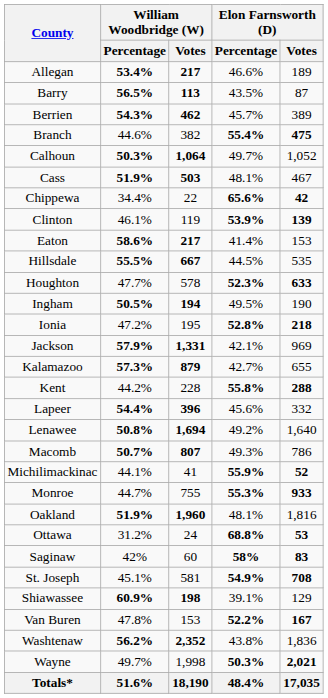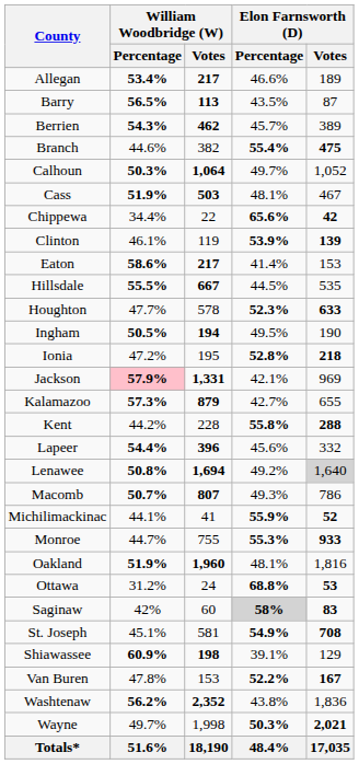 <table style="width:45%;" class="wikitable sortable">
 <tr style="background:lightgrey;">
 <th style="width:10%;" rowspan=2><a href='#'>County</a></th>
 <th style="width:20%;" colspan=2>William Woodbridge (W)</th>
 <th style="width:20%;" colspan=2>Elon Farnsworth (D)</th>
 </tr>
 <tr>
 <th style="width:10%;">Percentage</th>
 <th style="width:10%;">Votes</th>
 <th style="width:10%;">Percentage</th>
 <th style="width:10%;">Votes</th>
 </tr>
 <tr>
 <td align="center" >Allegan</td>
 <td style="text-align:center;"><strong>53.4%</strong></td>
 <td style="text-align:center;"><strong>217</strong></td>
 <td style="text-align:center;">46.6%</td>
 <td style="text-align:center;">189</td>
 </tr>
 <tr>
 <td align="center" >Barry</td>
 <td style="text-align:center;"><strong>56.5%</strong></td>
 <td style="text-align:center;"><strong>113</strong></td>
 <td style="text-align:center;">43.5%</td>
 <td style="text-align:center;">87</td>
 </tr>
 <tr>
 <td align="center" >Berrien</td>
 <td style="text-align:center;"><strong>54.3%</strong></td>
 <td style="text-align:center;"><strong>462</strong></td>
 <td style="text-align:center;">45.7%</td>
 <td style="text-align:center;">389</td>
 </tr>
 <tr>
 <td align="center" >Branch</td>
 <td style="text-align:center;">44.6%</td>
 <td style="text-align:center;">382</td>
 <td style="text-align:center;"><strong>55.4%</strong></td>
 <td style="text-align:center;"><strong>475</strong></td>
 </tr>
 <tr>
 <td align="center" >Calhoun</td>
 <td style="text-align:center;"><strong>50.3%</strong></td>
 <td style="text-align:center;"><strong>1,064</strong></td>
 <td style="text-align:center;">49.7%</td>
 <td style="text-align:center;">1,052</td>
 </tr>
 <tr>
 <td align="center" >Cass</td>
 <td style="text-align:center;"><strong>51.9%</strong></td>
 <td style="text-align:center;"><strong>503</strong></td>
 <td style="text-align:center;">48.1%</td>
 <td style="text-align:center;">467</td>
 </tr>
 <tr>
 <td align="center" >Chippewa</td>
 <td style="text-align:center;">34.4%</td>
 <td style="text-align:center;">22</td>
 <td style="text-align:center;"><strong>65.6%</strong></td>
 <td style="text-align:center;"><strong>42</strong></td>
 </tr>
 <tr>
 <td align="center" >Clinton</td>
 <td style="text-align:center;">46.1%</td>
 <td style="text-align:center;">119</td>
 <td style="text-align:center;"><strong>53.9%</strong></td>
 <td style="text-align:center;"><strong>139</strong></td>
 </tr>
 <tr>
 <td align="center" >Eaton</td>
 <td style="text-align:center;"><strong>58.6%</strong></td>
 <td style="text-align:center;"><strong>217</strong></td>
 <td style="text-align:center;">41.4%</td>
 <td style="text-align:center;">153</td>
 </tr>
 <tr>
 <td align="center" >Hillsdale</td>
 <td style="text-align:center;"><strong>55.5%</strong></td>
 <td style="text-align:center;"><strong>667</strong></td>
 <td style="text-align:center;">44.5%</td>
 <td style="text-align:center;">535</td>
 </tr>
 <tr>
 <td align="center" >Houghton</td>
 <td style="text-align:center;">47.7%</td>
 <td style="text-align:center;">578</td>
 <td style="text-align:center;"><strong>52.3%</strong></td>
 <td style="text-align:center;"><strong>633</strong></td>
 </tr>
 <tr>
 <td align="center" >Ingham</td>
 <td style="text-align:center;"><strong>50.5%</strong></td>
 <td style="text-align:center;"><strong>194</strong></td>
 <td style="text-align:center;">49.5%</td>
 <td style="text-align:center;">190</td>
 </tr>
 <tr>
 <td align="center" >Ionia</td>
 <td style="text-align:center;">47.2%</td>
 <td style="text-align:center;">195</td>
 <td style="text-align:center;"><strong>52.8%</strong></td>
 <td style="text-align:center;"><strong>218</strong></td>
 </tr>
 <tr>
 <td align="center" >Jackson</td>
-<td style="text-align:center;"><strong>57.9%</strong></td>
+<td style="background: pink; text-align:center;"><strong>57.9%</strong></td>
 <td style="text-align:center;"><strong>1,331</strong></td>
 <td style="text-align:center;">42.1%</td>
 <td style="text-align:center;">969</td>
 </tr>
 <tr>
 <td align="center" >Kalamazoo</td>
 <td style="text-align:center;"><strong>57.3%</strong></td>
 <td style="text-align:center;"><strong>879</strong></td>
 <td style="text-align:center;">42.7%</td>
 <td style="text-align:center;">655</td>
 </tr>
 <tr>
 <td align="center" >Kent</td>
 <td style="text-align:center;">44.2%</td>
 <td style="text-align:center;">228</td>
 <td style="text-align:center;"><strong>55.8%</strong></td>
 <td style="text-align:center;"><strong>288</strong></td>
 </tr>
 <tr>
 <td align="center" >Lapeer</td>
 <td style="text-align:center;"><strong>54.4%</strong></td>
 <td style="text-align:center;"><strong>396</strong></td>
 <td style="text-align:center;">45.6%</td>
 <td style="text-align:center;">332</td>
 </tr>
 <tr>
 <td align="center" >Lenawee</td>
 <td style="text-align:center;"><strong>50.8%</strong></td>
 <td style="text-align:center;"><strong>1,694</strong></td>
 <td style="text-align:center;">49.2%</td>
-<td style="text-align:center;">1,640</td>
+<td style="background: lightgrey; text-align:center;">1,640</td>
 </tr>
 <tr>
 <td align="center" >Macomb</td>
 <td style="text-align:center;"><strong>50.7%</strong></td>
 <td style="text-align:center;"><strong>807</strong></td>
 <td style="text-align:center;">49.3%</td>
 <td style="text-align:center;">786</td>
 </tr>
 <tr>
 <td align="center" >Michilimackinac</td>
 <td style="text-align:center;">44.1%</td>
 <td style="text-align:center;">41</td>
 <td style="text-align:center;"><strong>55.9%</strong></td>
 <td style="text-align:center;"><strong>52</strong></td>
 </tr>
 <tr>
 <td align="center" >Monroe</td>
 <td style="text-align:center;">44.7%</td>
 <td style="text-align:center;">755</td>
 <td style="text-align:center;"><strong>55.3%</strong></td>
 <td style="text-align:center;"><strong>933</strong></td>
 </tr>
 <tr>
 <td align="center" >Oakland</td>
 <td style="text-align:center;"><strong>51.9%</strong></td>
 <td style="text-align:center;"><strong>1,960</strong></td>
 <td style="text-align:center;">48.1%</td>
 <td style="text-align:center;">1,816</td>
 </tr>
 <tr>
 <td align="center" >Ottawa</td>
 <td style="text-align:center;">31.2%</td>
 <td style="text-align:center;">24</td>
 <td style="text-align:center;"><strong>68.8%</strong></td>
 <td style="text-align:center;"><strong>53</strong></td>
 </tr>
 <tr>
 <td align="center" >Saginaw</td>
 <td style="text-align:center;">42%</td>
 <td style="text-align:center;">60</td>
-<td style="text-align:center;"><strong>58%</strong></td>
+<td style="background: lightgrey; text-align:center;"><strong>58%</strong></td>
 <td style="text-align:center;"><strong>83</strong></td>
 </tr>
 <tr>
 <td align="center" >St. Joseph</td>
 <td style="text-align:center;">45.1%</td>
 <td style="text-align:center;">581</td>
 <td style="text-align:center;"><strong>54.9%</strong></td>
 <td style="text-align:center;"><strong>708</strong></td>
 </tr>
 <tr>
 <td align="center" >Shiawassee</td>
 <td style="text-align:center;"><strong>60.9%</strong></td>
 <td style="text-align:center;"><strong>198</strong></td>
 <td style="text-align:center;">39.1%</td>
 <td style="text-align:center;">129</td>
 </tr>
 <tr>
 <td align="center" >Van Buren</td>
 <td style="text-align:center;">47.8%</td>
 <td style="text-align:center;">153</td>
 <td style="text-align:center;"><strong>52.2%</strong></td>
 <td style="text-align:center;"><strong>167</strong></td>
 </tr>
 <tr>
 <td align="center" >Washtenaw</td>
 <td style="text-align:center;"><strong>56.2%</strong></td>
 <td style="text-align:center;"><strong>2,352</strong></td>
 <td style="text-align:center;">43.8%</td>
 <td style="text-align:center;">1,836</td>
 </tr>
 <tr>
 <td align="center" >Wayne</td>
 <td style="text-align:center;">49.7%</td>
 <td style="text-align:center;">1,998</td>
 <td style="text-align:center;"><strong>50.3%</strong></td>
 <td style="text-align:center;"><strong>2,021</strong></td>
 </tr>
 <tr>
 <th align="center" >Totals*</th>
 <th style="text-align:center;"><strong>51.6%</strong></th>
 <th style="text-align:center;"><strong>18,190</strong></th>
 <th style="text-align:center;">48.4%</th>
 <th style="text-align:center;">17,035</th>
 </tr>
 </table>
